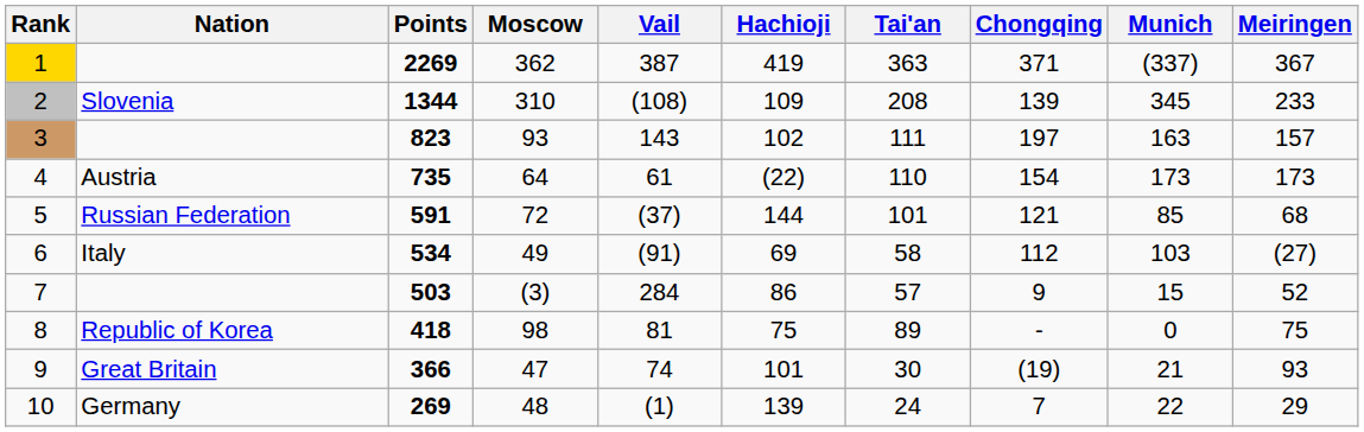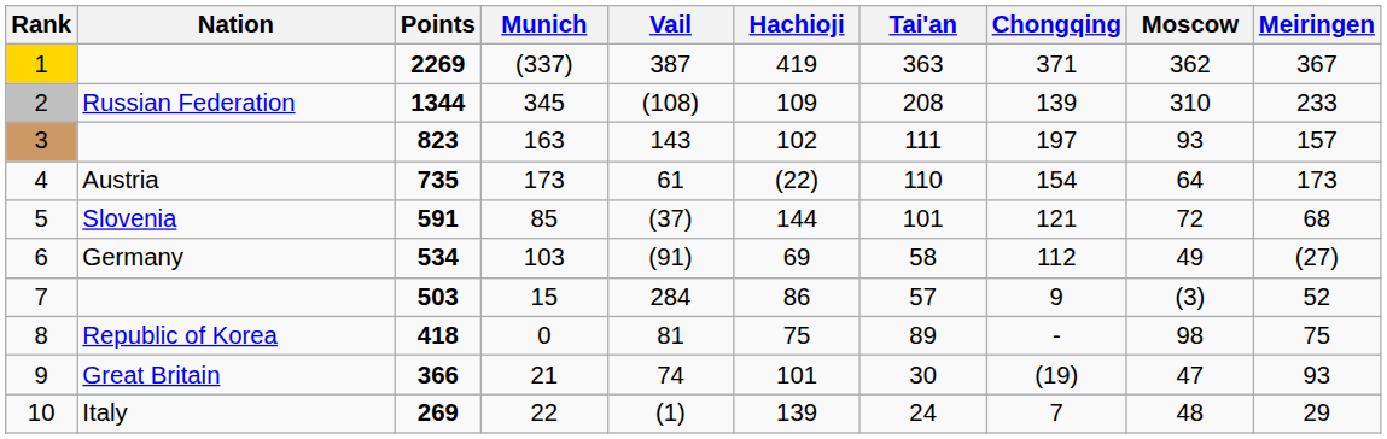 <table class="wikitable sortable">
 <tr>
 <th>Rank</th>
 <th width = "200">Nation</th>
 <th>Points</th>
-<th width = "75" data-sort-type="number">Moscow</th>
+<th width = "75" data-sort-type="number"><a href='#'>Munich</a></th>
 <th width = "75" data-sort-type="number"><a href='#'>Vail</a></th>
 <th width = "75" data-sort-type="number"><a href='#'>Hachioji</a></th>
 <th width = "75" data-sort-type="number"><a href='#'>Tai'an</a></th>
 <th width = "75" data-sort-type="number"><a href='#'>Chongqing</a></th>
-<th width = "75" data-sort-type="number"><a href='#'>Munich</a></th>
+<th width = "75" data-sort-type="number">Moscow</th>
 <th width = "75" data-sort-type="number"><a href='#'>Meiringen</a></th>
 </tr>
 <tr>
 <td align="center" style="background: gold">1</td>
 <td></td>
 <td align="center"><strong>2269</strong></td>
-<td align="center">362</td>
+<td align="center">(337)</td>
 <td align="center">387</td>
 <td align="center">419</td>
 <td align="center">363</td>
 <td align="center">371</td>
-<td align="center">(337)</td>
+<td align="center">362</td>
 <td align="center">367</td>
 </tr>
 <tr>
 <td align="center" style="background: silver">2</td>
-<td> <a href='#'>Slovenia</a></td>
+<td> <a href='#'>Russian Federation</a></td>
 <td align="center"><strong>1344</strong></td>
-<td align="center">310</td>
+<td align="center">345</td>
 <td align="center">(108)</td>
 <td align="center">109</td>
 <td align="center">208</td>
 <td align="center">139</td>
-<td align="center">345</td>
+<td align="center">310</td>
 <td align="center">233</td>
 </tr>
 <tr>
 <td align="center" style="background: #cc9966">3</td>
 <td></td>
 <td align="center"><strong>823</strong></td>
-<td align="center">93</td>
+<td align="center">163</td>
 <td align="center">143</td>
 <td align="center">102</td>
 <td align="center">111</td>
 <td align="center">197</td>
-<td align="center">163</td>
+<td align="center">93</td>
 <td align="center">157</td>
 </tr>
 <tr>
 <td align="center">4</td>
 <td> Austria</td>
 <td align="center"><strong>735</strong></td>
-<td align="center">64</td>
+<td align="center">173</td>
 <td align="center">61</td>
 <td align="center">(22)</td>
 <td align="center">110</td>
 <td align="center">154</td>
-<td align="center">173</td>
+<td align="center">64</td>
 <td align="center">173</td>
 </tr>
 <tr>
 <td align="center">5</td>
-<td> <a href='#'>Russian Federation</a></td>
+<td> <a href='#'>Slovenia</a></td>
 <td align="center"><strong>591</strong></td>
-<td align="center">72</td>
+<td align="center">85</td>
 <td align="center">(37)</td>
 <td align="center">144</td>
 <td align="center">101</td>
 <td align="center">121</td>
-<td align="center">85</td>
+<td align="center">72</td>
 <td align="center">68</td>
 </tr>
 <tr>
 <td align="center">6</td>
-<td> Italy</td>
+<td> Germany</td>
 <td align="center"><strong>534</strong></td>
-<td align="center">49</td>
+<td align="center">103</td>
 <td align="center">(91)</td>
 <td align="center">69</td>
 <td align="center">58</td>
 <td align="center">112</td>
-<td align="center">103</td>
+<td align="center">49</td>
 <td align="center">(27)</td>
 </tr>
 <tr>
 <td align="center">7</td>
 <td></td>
 <td align="center"><strong>503</strong></td>
-<td align="center">(3)</td>
+<td align="center">15</td>
 <td align="center">284</td>
 <td align="center">86</td>
 <td align="center">57</td>
 <td align="center">9</td>
-<td align="center">15</td>
+<td align="center">(3)</td>
 <td align="center">52</td>
 </tr>
 <tr>
 <td align="center">8</td>
 <td> <a href='#'>Republic of Korea</a></td>
 <td align="center"><strong>418</strong></td>
-<td align="center">98</td>
+<td align="center">0</td>
 <td align="center">81</td>
 <td align="center">75</td>
 <td align="center">89</td>
 <td align="center">-</td>
-<td align="center">0</td>
+<td align="center">98</td>
 <td align="center">75</td>
 </tr>
 <tr>
 <td align="center">9</td>
 <td> <a href='#'>Great Britain</a></td>
 <td align="center"><strong>366</strong></td>
-<td align="center">47</td>
+<td align="center">21</td>
 <td align="center">74</td>
 <td align="center">101</td>
 <td align="center">30</td>
 <td align="center">(19)</td>
-<td align="center">21</td>
+<td align="center">47</td>
 <td align="center">93</td>
 </tr>
 <tr>
 <td align="center">10</td>
-<td> Germany</td>
+<td> Italy</td>
 <td align="center"><strong>269</strong></td>
-<td align="center">48</td>
+<td align="center">22</td>
 <td align="center">(1)</td>
 <td align="center">139</td>
 <td align="center">24</td>
 <td align="center">7</td>
-<td align="center">22</td>
+<td align="center">48</td>
 <td align="center">29</td>
 </tr>
 </table>
